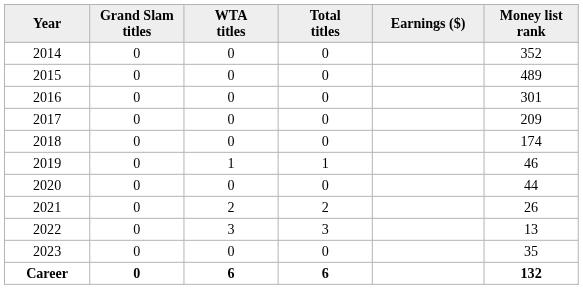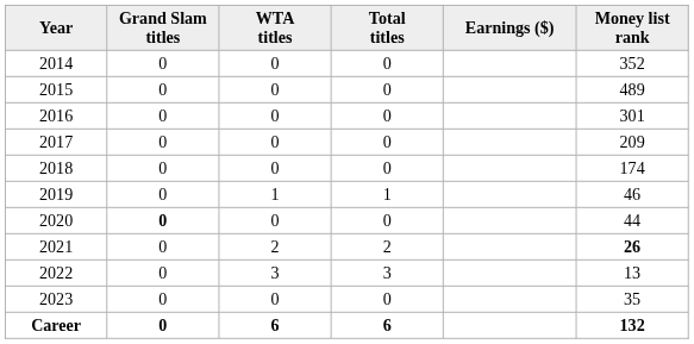 <table cellpadding=3 cellspacing=0 border=1 style=border:#aaa;solid:1px;border-collapse:collapse;text-align:center;>
 <tr style=background:#eee;font-weight:bold>
 <td width="90">Year</td>
 <td width="100">Grand Slam <br>titles</td>
 <td width="100">WTA <br>titles</td>
 <td width="100">Total <br>titles</td>
 <td width="120">Earnings ($)</td>
 <td width="100">Money list rank</td>
 </tr>
 <tr>
 <td>2014</td>
 <td>0</td>
 <td>0</td>
 <td>0</td>
 <td align="right"></td>
 <td>352</td>
 </tr>
 <tr>
 <td>2015</td>
 <td>0</td>
 <td>0</td>
 <td>0</td>
 <td align="right"></td>
 <td>489</td>
 </tr>
 <tr>
 <td>2016</td>
 <td>0</td>
 <td>0</td>
 <td>0</td>
 <td align="right"></td>
 <td>301</td>
 </tr>
 <tr>
 <td>2017</td>
 <td>0</td>
 <td>0</td>
 <td>0</td>
 <td align="right"></td>
 <td>209</td>
 </tr>
 <tr>
 <td>2018</td>
 <td>0</td>
 <td>0</td>
 <td>0</td>
 <td align="right"></td>
 <td>174</td>
 </tr>
 <tr>
 <td>2019</td>
 <td>0</td>
 <td>1</td>
 <td>1</td>
 <td align="right"></td>
 <td>46</td>
 </tr>
 <tr>
 <td>2020</td>
-<td>0</td>
+<td><strong>0</strong></td>
 <td>0</td>
 <td>0</td>
 <td align="right"></td>
 <td>44</td>
 </tr>
 <tr>
 <td>2021</td>
 <td>0</td>
 <td>2</td>
 <td>2</td>
 <td align="right"></td>
-<td>26</td>
+<td><strong>26</strong></td>
 </tr>
 <tr>
 <td>2022</td>
 <td>0</td>
 <td>3</td>
 <td>3</td>
 <td align="right"></td>
 <td>13</td>
 </tr>
 <tr>
 <td>2023</td>
 <td>0</td>
 <td>0</td>
 <td>0</td>
 <td align="right"></td>
 <td>35</td>
 </tr>
 <tr style="font-weight:bold">
 <td>Career</td>
 <td>0</td>
 <td>6</td>
 <td>6</td>
 <td align="right"></td>
 <td>132</td>
 </tr>
 </table>
